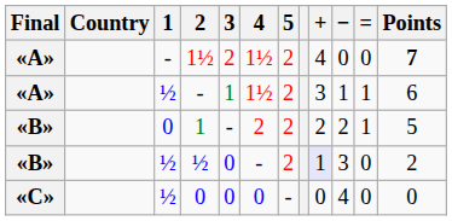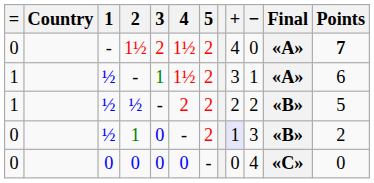 <table class="wikitable" style="text-align:center">
 <tr>
-<th>Final</th>
+<th>=</th>
 <th>Country</th>
 <th>1</th>
 <th>2</th>
 <th>3</th>
 <th>4</th>
 <th>5</th>
 <th></th>
 <th>+</th>
 <th>−</th>
-<th>=</th>
+<th>Final</th>
 <th>Points</th>
 </tr>
 <tr>
-<th>«A»</th>
+<td>0</td>
 <td style="text-align: left"></td>
 <td>-</td>
 <td style="color:red;">1½</td>
 <td style="color:red;">2</td>
 <td style="color:red;">1½</td>
 <td style="color:red;">2</td>
 <th></th>
 <td>4</td>
 <td>0</td>
-<td>0</td>
+<th>«A»</th>
 <td><strong>7</strong></td>
 </tr>
 <tr>
-<th>«A»</th>
+<td>1</td>
 <td style="text-align: left"></td>
 <td style="color:blue;">½</td>
 <td>-</td>
 <td style="color:green;">1</td>
 <td style="color:red;">1½</td>
 <td style="color:red;">2</td>
 <th></th>
 <td>3</td>
 <td>1</td>
-<td>1</td>
+<th>«A»</th>
 <td>6</td>
 </tr>
 <tr>
-<th>«B»</th>
+<td>1</td>
 <td style="text-align: left"></td>
-<td style="color:blue;">0</td>
-<td style="color:green;">1</td>
+<td style="color:blue;">½</td>
+<td style="color:blue;">½</td>
 <td>-</td>
 <td style="color:red;">2</td>
 <td style="color:red;">2</td>
 <th></th>
 <td>2</td>
 <td>2</td>
-<td>1</td>
+<th>«B»</th>
 <td>5</td>
 </tr>
 <tr>
-<th>«B»</th>
+<td>0</td>
 <td style="text-align: left"></td>
 <td style="color:blue;">½</td>
-<td style="color:blue;">½</td>
+<td style="color:green;">1</td>
 <td style="color:blue;">0</td>
 <td>-</td>
 <td style="color:red;">2</td>
 <th></th>
 <td style="background: lavender;">1</td>
 <td>3</td>
-<td>0</td>
+<th>«B»</th>
 <td>2</td>
 </tr>
 <tr>
-<th>«C»</th>
+<td>0</td>
 <td style="text-align: left"></td>
-<td style="color:blue;">½</td>
+<td style="color:blue;">0</td>
 <td style="color:blue;">0</td>
 <td style="color:blue;">0</td>
 <td style="color:blue;">0</td>
 <td>-</td>
 <th></th>
 <td>0</td>
 <td>4</td>
-<td>0</td>
+<th>«C»</th>
 <td>0</td>
 </tr>
 </table>
